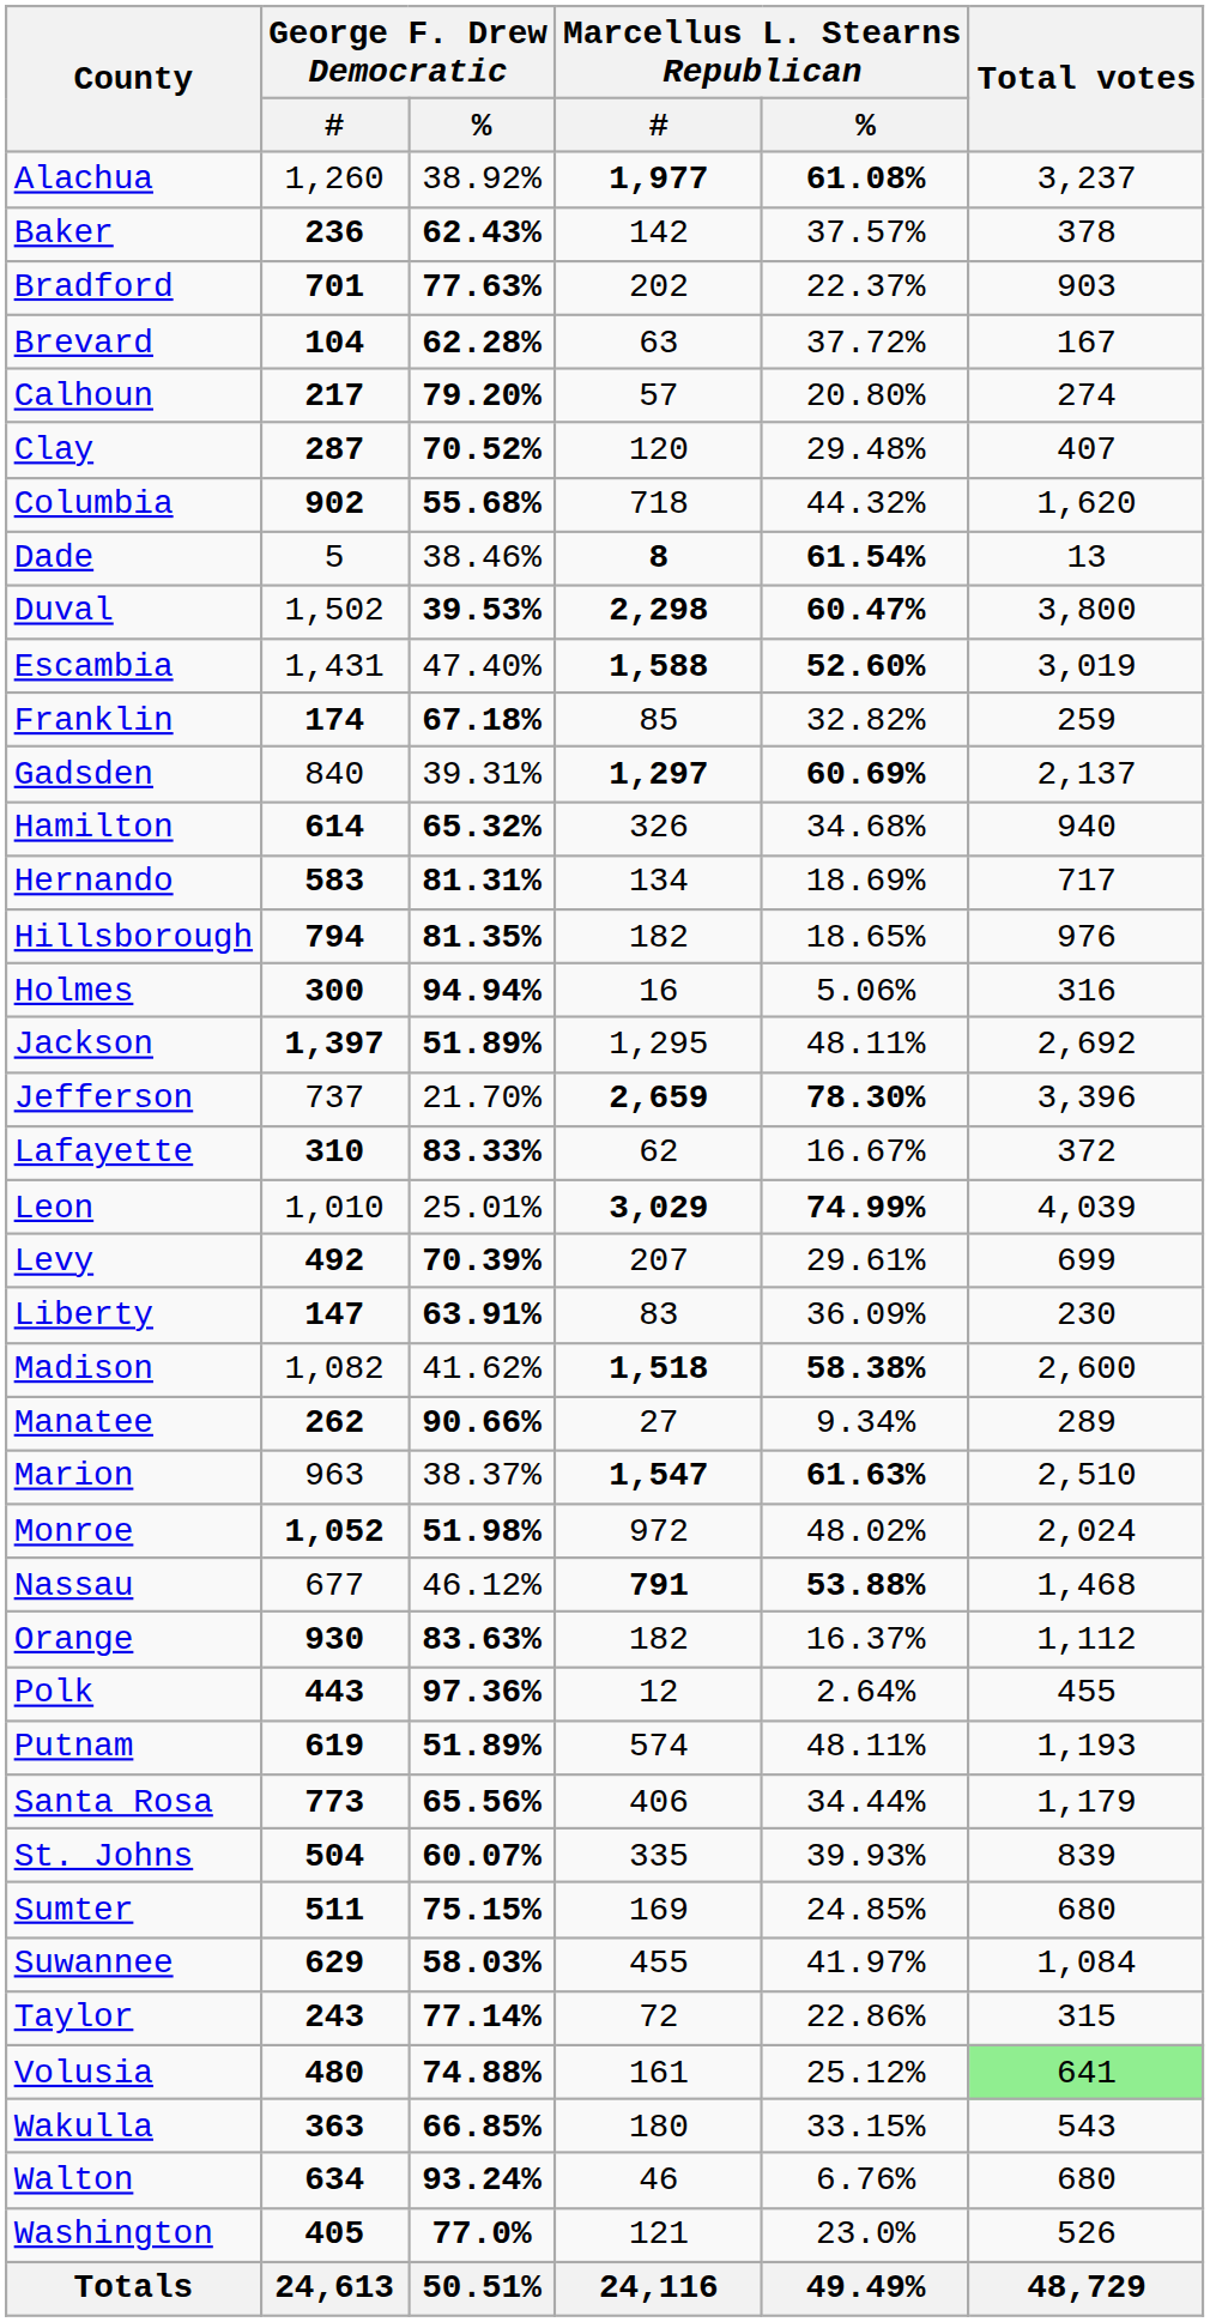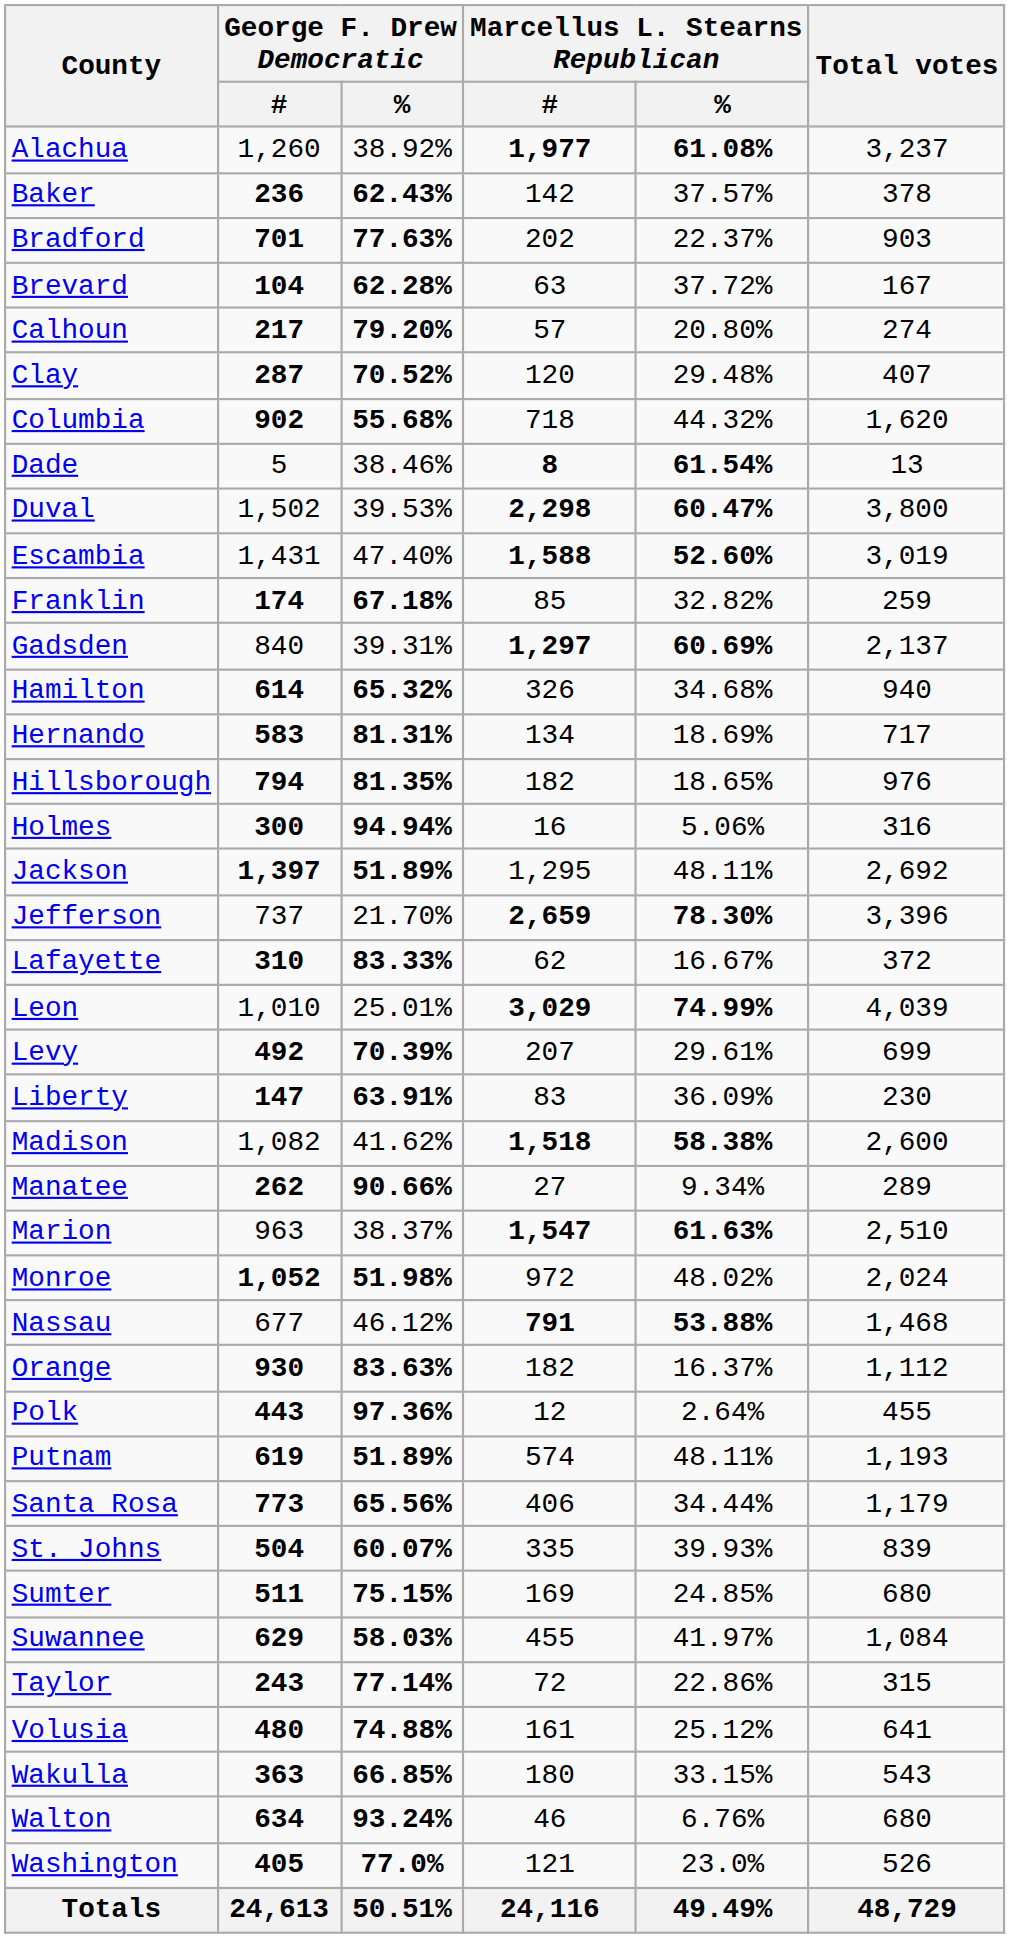 <table class="wikitable sortable">
 <tr>
 <th rowspan="2">County</th>
 <th colspan="2" style="text-align: center;" >George F. Drew <br><em>Democratic</em></th>
 <th colspan="2" style="text-align: center;" >Marcellus L. Stearns <br> <em>Republican</em></th>
 <th rowspan="2">Total votes</th>
 </tr>
 <tr>
 <th colspan="1" style="text-align: center;" >#</th>
 <th colspan="1" style="text-align: center;" >%</th>
 <th colspan="1" style="text-align: center;" >#</th>
 <th colspan="1" style="text-align: center;" >%</th>
 </tr>
 <tr>
 <td><a href='#'>Alachua</a></td>
 <td align="center">1,260</td>
 <td align="center">38.92%</td>
 <td align="center"><strong>1,977</strong></td>
 <td align="center"><strong>61.08%</strong></td>
 <td align="center">3,237</td>
 </tr>
 <tr>
 <td><a href='#'>Baker</a></td>
 <td align="center"><strong>236</strong></td>
 <td align="center"><strong>62.43%</strong></td>
 <td align="center">142</td>
 <td align="center">37.57%</td>
 <td align="center">378</td>
 </tr>
 <tr>
 <td><a href='#'>Bradford</a></td>
 <td align="center"><strong>701</strong></td>
 <td align="center"><strong>77.63%</strong></td>
 <td align="center">202</td>
 <td align="center">22.37%</td>
 <td align="center">903</td>
 </tr>
 <tr>
 <td><a href='#'>Brevard</a></td>
 <td align="center"><strong>104</strong></td>
 <td align="center"><strong>62.28%</strong></td>
 <td align="center">63</td>
 <td align="center">37.72%</td>
 <td align="center">167</td>
 </tr>
 <tr>
 <td><a href='#'>Calhoun</a></td>
 <td align="center"><strong>217</strong></td>
 <td align="center"><strong>79.20%</strong></td>
 <td align="center">57</td>
 <td align="center">20.80%</td>
 <td align="center">274</td>
 </tr>
 <tr>
 <td><a href='#'>Clay</a></td>
 <td align="center"><strong>287</strong></td>
 <td align="center"><strong>70.52%</strong></td>
 <td align="center">120</td>
 <td align="center">29.48%</td>
 <td align="center">407</td>
 </tr>
 <tr>
 <td><a href='#'>Columbia</a></td>
 <td align="center"><strong>902</strong></td>
 <td align="center"><strong>55.68%</strong></td>
 <td align="center">718</td>
 <td align="center">44.32%</td>
 <td align="center">1,620</td>
 </tr>
 <tr>
 <td><a href='#'>Dade</a></td>
 <td align="center">5</td>
 <td align="center">38.46%</td>
 <td align="center"><strong>8</strong></td>
 <td align="center"><strong>61.54%</strong></td>
 <td align="center">13</td>
 </tr>
 <tr>
 <td><a href='#'>Duval</a></td>
 <td align="center">1,502</td>
-<td align="center"><strong>39.53%</strong></td>
+<td align="center">39.53%</td>
 <td align="center"><strong>2,298</strong></td>
 <td align="center"><strong>60.47%</strong></td>
 <td align="center">3,800</td>
 </tr>
 <tr>
 <td><a href='#'>Escambia</a></td>
 <td align="center">1,431</td>
 <td align="center">47.40%</td>
 <td align="center"><strong>1,588</strong></td>
 <td align="center"><strong>52.60%</strong></td>
 <td align="center">3,019</td>
 </tr>
 <tr>
 <td><a href='#'>Franklin</a></td>
 <td align="center"><strong>174</strong></td>
 <td align="center"><strong>67.18%</strong></td>
 <td align="center">85</td>
 <td align="center">32.82%</td>
 <td align="center">259</td>
 </tr>
 <tr>
 <td><a href='#'>Gadsden</a></td>
 <td align="center">840</td>
 <td align="center">39.31%</td>
 <td align="center"><strong>1,297</strong></td>
 <td align="center"><strong>60.69%</strong></td>
 <td align="center">2,137</td>
 </tr>
 <tr>
 <td><a href='#'>Hamilton</a></td>
 <td align="center"><strong>614</strong></td>
 <td align="center"><strong>65.32%</strong></td>
 <td align="center">326</td>
 <td align="center">34.68%</td>
 <td align="center">940</td>
 </tr>
 <tr>
 <td><a href='#'>Hernando</a></td>
 <td align="center"><strong>583</strong></td>
 <td align="center"><strong>81.31%</strong></td>
 <td align="center">134</td>
 <td align="center">18.69%</td>
 <td align="center">717</td>
 </tr>
 <tr>
 <td><a href='#'>Hillsborough</a></td>
 <td align="center"><strong>794</strong></td>
 <td align="center"><strong>81.35%</strong></td>
 <td align="center">182</td>
 <td align="center">18.65%</td>
 <td align="center">976</td>
 </tr>
 <tr>
 <td><a href='#'>Holmes</a></td>
 <td align="center"><strong>300</strong></td>
 <td align="center"><strong>94.94%</strong></td>
 <td align="center">16</td>
 <td align="center">5.06%</td>
 <td align="center">316</td>
 </tr>
 <tr>
 <td><a href='#'>Jackson</a></td>
 <td align="center"><strong>1,397</strong></td>
 <td align="center"><strong>51.89%</strong></td>
 <td align="center">1,295</td>
 <td align="center">48.11%</td>
 <td align="center">2,692</td>
 </tr>
 <tr>
 <td><a href='#'>Jefferson</a></td>
 <td align="center">737</td>
 <td align="center">21.70%</td>
 <td align="center"><strong>2,659</strong></td>
 <td align="center"><strong>78.30%</strong></td>
 <td align="center">3,396</td>
 </tr>
 <tr>
 <td><a href='#'>Lafayette</a></td>
 <td align="center"><strong>310</strong></td>
 <td align="center"><strong>83.33%</strong></td>
 <td align="center">62</td>
 <td align="center">16.67%</td>
 <td align="center">372</td>
 </tr>
 <tr>
 <td><a href='#'>Leon</a></td>
 <td align="center">1,010</td>
 <td align="center">25.01%</td>
 <td align="center"><strong>3,029</strong></td>
 <td align="center"><strong>74.99%</strong></td>
 <td align="center">4,039</td>
 </tr>
 <tr>
 <td><a href='#'>Levy</a></td>
 <td align="center"><strong>492</strong></td>
 <td align="center"><strong>70.39%</strong></td>
 <td align="center">207</td>
 <td align="center">29.61%</td>
 <td align="center">699</td>
 </tr>
 <tr>
 <td><a href='#'>Liberty</a></td>
 <td align="center"><strong>147</strong></td>
 <td align="center"><strong>63.91%</strong></td>
 <td align="center">83</td>
 <td align="center">36.09%</td>
 <td align="center">230</td>
 </tr>
 <tr>
 <td><a href='#'>Madison</a></td>
 <td align="center">1,082</td>
 <td align="center">41.62%</td>
 <td align="center"><strong>1,518</strong></td>
 <td align="center"><strong>58.38%</strong></td>
 <td align="center">2,600</td>
 </tr>
 <tr>
 <td><a href='#'>Manatee</a></td>
 <td align="center"><strong>262</strong></td>
 <td align="center"><strong>90.66%</strong></td>
 <td align="center">27</td>
 <td align="center">9.34%</td>
 <td align="center">289</td>
 </tr>
 <tr>
 <td><a href='#'>Marion</a></td>
 <td align="center">963</td>
 <td align="center">38.37%</td>
 <td align="center"><strong>1,547</strong></td>
 <td align="center"><strong>61.63%</strong></td>
 <td align="center">2,510</td>
 </tr>
 <tr>
 <td><a href='#'>Monroe</a></td>
 <td align="center"><strong>1,052</strong></td>
 <td align="center"><strong>51.98%</strong></td>
 <td align="center">972</td>
 <td align="center">48.02%</td>
 <td align="center">2,024</td>
 </tr>
 <tr>
 <td><a href='#'>Nassau</a></td>
 <td align="center">677</td>
 <td align="center">46.12%</td>
 <td align="center"><strong>791</strong></td>
 <td align="center"><strong>53.88%</strong></td>
 <td align="center">1,468</td>
 </tr>
 <tr>
 <td><a href='#'>Orange</a></td>
 <td align="center"><strong>930</strong></td>
 <td align="center"><strong>83.63%</strong></td>
 <td align="center">182</td>
 <td align="center">16.37%</td>
 <td align="center">1,112</td>
 </tr>
 <tr>
 <td><a href='#'>Polk</a></td>
 <td align="center"><strong>443</strong></td>
 <td align="center"><strong>97.36%</strong></td>
 <td align="center">12</td>
 <td align="center">2.64%</td>
 <td align="center">455</td>
 </tr>
 <tr>
 <td><a href='#'>Putnam</a></td>
 <td align="center"><strong>619</strong></td>
 <td align="center"><strong>51.89%</strong></td>
 <td align="center">574</td>
 <td align="center">48.11%</td>
 <td align="center">1,193</td>
 </tr>
 <tr>
 <td><a href='#'>Santa Rosa</a></td>
 <td align="center"><strong>773</strong></td>
 <td align="center"><strong>65.56%</strong></td>
 <td align="center">406</td>
 <td align="center">34.44%</td>
 <td align="center">1,179</td>
 </tr>
 <tr>
 <td><a href='#'>St. Johns</a></td>
 <td align="center"><strong>504</strong></td>
 <td align="center"><strong>60.07%</strong></td>
 <td align="center">335</td>
 <td align="center">39.93%</td>
 <td align="center">839</td>
 </tr>
 <tr>
 <td><a href='#'>Sumter</a></td>
 <td align="center"><strong>511</strong></td>
 <td align="center"><strong>75.15%</strong></td>
 <td align="center">169</td>
 <td align="center">24.85%</td>
 <td align="center">680</td>
 </tr>
 <tr>
 <td><a href='#'>Suwannee</a></td>
 <td align="center"><strong>629</strong></td>
 <td align="center"><strong>58.03%</strong></td>
 <td align="center">455</td>
 <td align="center">41.97%</td>
 <td align="center">1,084</td>
 </tr>
 <tr>
 <td><a href='#'>Taylor</a></td>
 <td align="center"><strong>243</strong></td>
 <td align="center"><strong>77.14%</strong></td>
 <td align="center">72</td>
 <td align="center">22.86%</td>
 <td align="center">315</td>
 </tr>
 <tr>
 <td><a href='#'>Volusia</a></td>
 <td align="center"><strong>480</strong></td>
 <td align="center"><strong>74.88%</strong></td>
 <td align="center">161</td>
 <td align="center">25.12%</td>
-<td align="center" style="background: lightgreen;">641</td>
+<td align="center">641</td>
 </tr>
 <tr>
 <td><a href='#'>Wakulla</a></td>
 <td align="center"><strong>363</strong></td>
 <td align="center"><strong>66.85%</strong></td>
 <td align="center">180</td>
 <td align="center">33.15%</td>
 <td align="center">543</td>
 </tr>
 <tr>
 <td><a href='#'>Walton</a></td>
 <td align="center"><strong>634</strong></td>
 <td align="center"><strong>93.24%</strong></td>
 <td align="center">46</td>
 <td align="center">6.76%</td>
 <td align="center">680</td>
 </tr>
 <tr>
 <td><a href='#'>Washington</a></td>
 <td align="center"><strong>405</strong></td>
 <td align="center"><strong>77.0%</strong></td>
 <td align="center">121</td>
 <td align="center">23.0%</td>
 <td align="center">526</td>
 </tr>
 <tr>
 <th>Totals</th>
 <th>24,613</th>
 <th>50.51%</th>
 <th>24,116</th>
 <th>49.49%</th>
 <th>48,729</th>
 </tr>
 </table>
